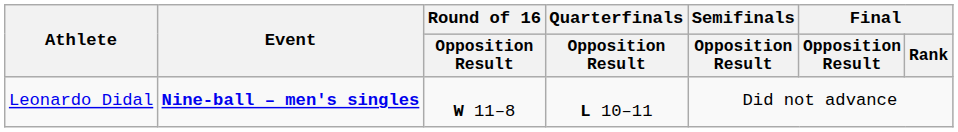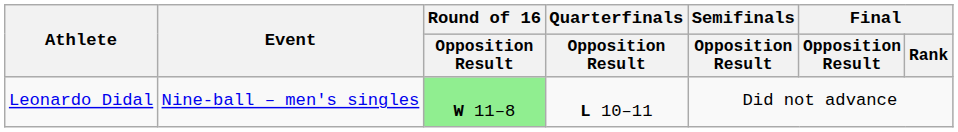 <table class="wikitable" style="font-size:90%">
 <tr>
 <th rowspan="2">Athlete</th>
 <th rowspan="2">Event</th>
 <th>Round of 16</th>
 <th>Quarterfinals</th>
 <th>Semifinals</th>
 <th colspan=2>Final</th>
 </tr>
 <tr style="font-size:95%">
 <th>Opposition<br>Result</th>
 <th>Opposition<br>Result</th>
 <th>Opposition<br>Result</th>
 <th>Opposition<br>Result</th>
 <th>Rank</th>
 </tr>
 <tr align=center>
 <td align=left><a href='#'>Leonardo Didal</a></td>
-<td align=left><strong><a href='#'>Nine-ball – men's singles</a></strong></td>
-<td><br><strong>W</strong> 11–8</td>
+<td align=left><a href='#'>Nine-ball – men's singles</a></td>
+<td style="background: lightgreen;"><br><strong>W</strong> 11–8</td>
 <td><br><strong>L</strong> 10–11</td>
 <td colspan=3>Did not advance</td>
 </tr>
 </table>
